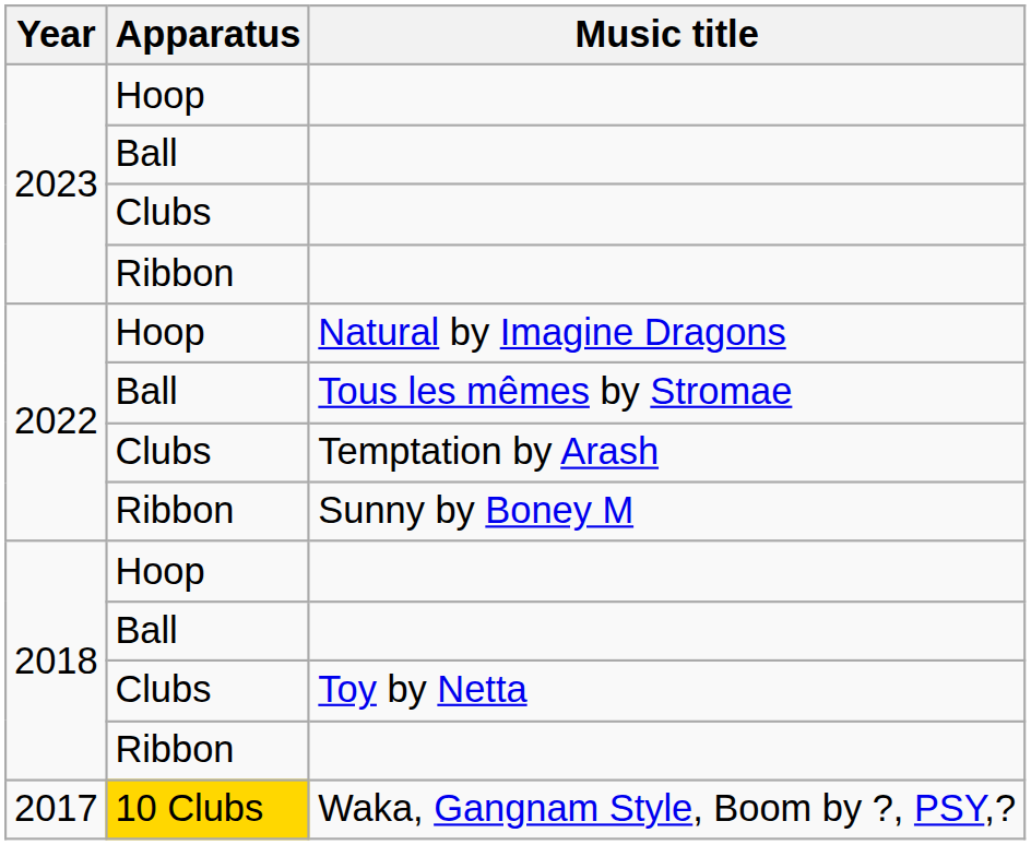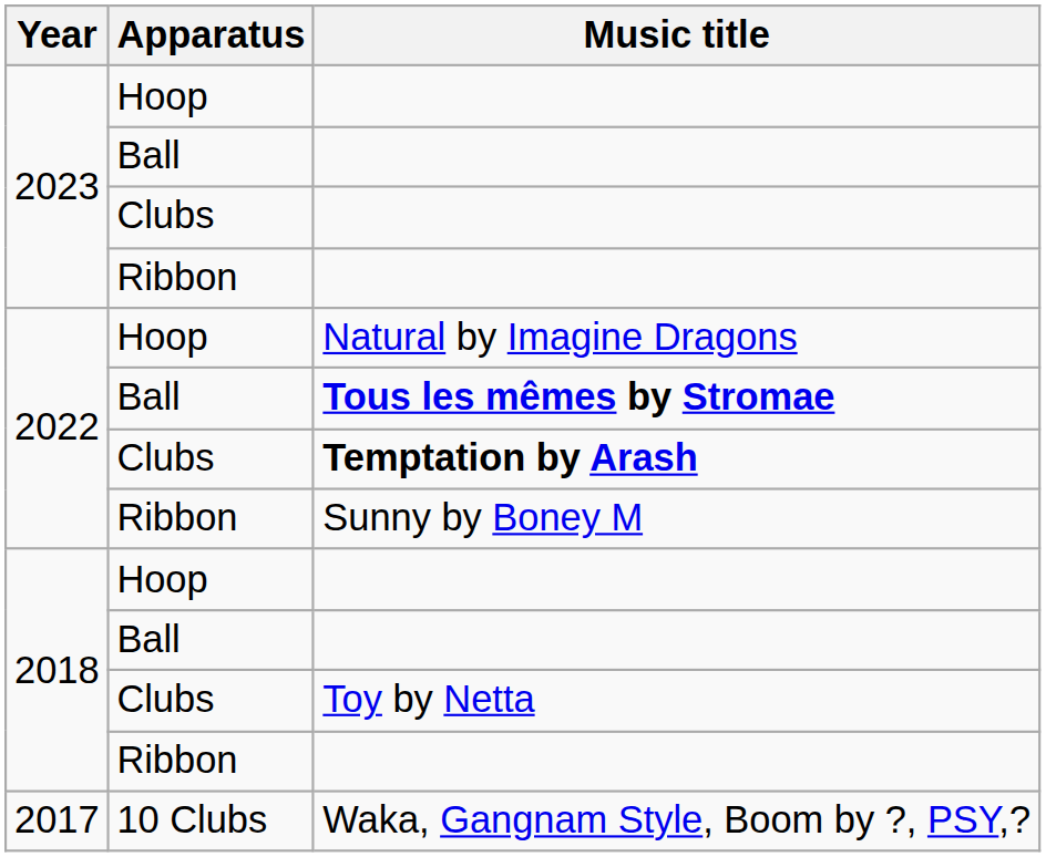 <table class="wikitable">
 <tr>
 <th>Year</th>
 <th>Apparatus</th>
 <th>Music title</th>
 </tr>
 <tr>
 <td rowspan="4">2023</td>
 <td>Hoop</td>
 <td></td>
 </tr>
 <tr>
 <td>Ball</td>
 <td></td>
 </tr>
 <tr>
 <td>Clubs</td>
 <td></td>
 </tr>
 <tr>
 <td>Ribbon</td>
 <td></td>
 </tr>
 <tr>
 <td rowspan="4">2022</td>
 <td>Hoop</td>
 <td><a href='#'>Natural</a> by <a href='#'>Imagine Dragons</a></td>
 </tr>
 <tr>
 <td>Ball</td>
-<td><a href='#'>Tous les mêmes</a> by <a href='#'>Stromae</a></td>
+<td><strong><a href='#'>Tous les mêmes</a> by <a href='#'>Stromae</a></strong></td>
 </tr>
 <tr>
 <td>Clubs</td>
-<td>Temptation by <a href='#'>Arash</a></td>
+<td><strong>Temptation by <a href='#'>Arash</a></strong></td>
 </tr>
 <tr>
 <td>Ribbon</td>
 <td>Sunny by <a href='#'>Boney M</a></td>
 </tr>
 <tr>
 <td rowspan="4">2018</td>
 <td>Hoop</td>
 <td></td>
 </tr>
 <tr>
 <td>Ball</td>
 <td></td>
 </tr>
 <tr>
 <td>Clubs</td>
 <td><a href='#'>Toy</a> by <a href='#'>Netta</a></td>
 </tr>
 <tr>
 <td>Ribbon</td>
 <td></td>
 </tr>
 <tr>
 <td rowspan="4">2017</td>
-<td style="background: gold;">10 Clubs</td>
+<td>10 Clubs</td>
 <td>Waka, <a href='#'>Gangnam Style</a>, Boom by ?, <a href='#'>PSY</a>,?</td>
 </tr>
 </table>
